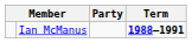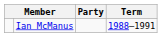 <table class="wikitable">
 <tr>
 <th colspan="2">Member</th>
 <th>Party</th>
 <th>Term</th>
 </tr>
 <tr>
 <td> </td>
 <td><a href='#'>Ian McManus</a></td>
 <td></td>
-<td><strong><a href='#'>1988</a>–1991</strong></td>
+<td><a href='#'>1988</a>–1991</td>
 </tr>
 </table>
